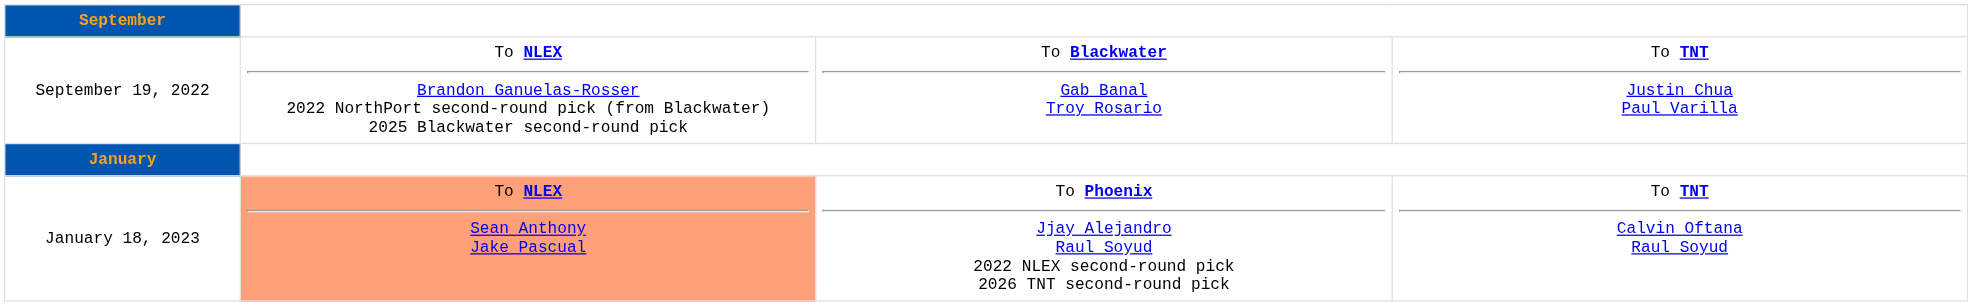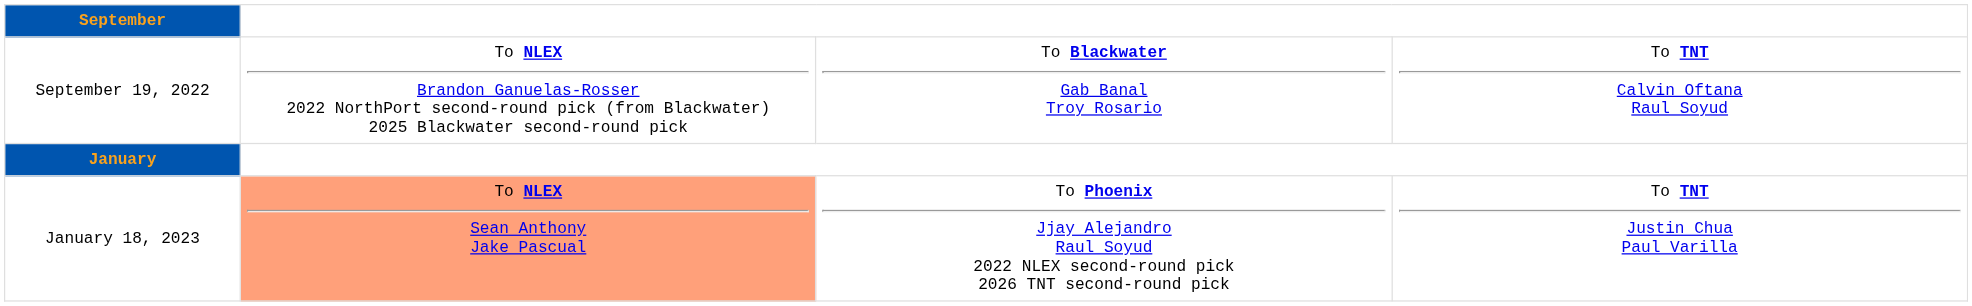 <table border=1 style="border-collapse:collapse; text-align: center; width: 100%" bordercolor="#DFDFDF"  cellpadding="5">
 <tr bgcolor="eeeeee">
 <th style="background:#0055AF; color:#F9A21D; ">September</th>
 </tr>
 <tr>
 <td style="width:12%">September 19, 2022</td>
 <td style="width:29.3%" valign="top">To <strong><a href='#'>NLEX</a></strong><hr><a href='#'>Brandon Ganuelas-Rosser</a><br>2022 NorthPort second-round pick (from Blackwater)<br>2025 Blackwater second-round pick</td>
 <td style="width:29.3%" valign="top">To <strong><a href='#'>Blackwater</a></strong><hr><a href='#'>Gab Banal</a><br><a href='#'>Troy Rosario</a></td>
-<td style="width:29.3%" valign="top">To <strong><a href='#'>TNT</a></strong><hr><a href='#'>Justin Chua</a><br><a href='#'>Paul Varilla</a></td>
+<td style="width:29.3%" valign="top">To <strong><a href='#'>TNT</a></strong><hr><a href='#'>Calvin Oftana</a><br><a href='#'>Raul Soyud</a></td>
 </tr>
 <tr>
 <th style="background:#0055AF; color:#F9A21D; ">January</th>
 </tr>
 <tr>
 <td style="width:12%">January 18, 2023</td>
 <td style="background: lightsalmon; width:29.3%" valign="top">To <strong><a href='#'>NLEX</a></strong><hr><a href='#'>Sean Anthony</a><br><a href='#'>Jake Pascual</a></td>
 <td style="width:29.3%" valign="top">To <strong><a href='#'>Phoenix</a></strong><hr><a href='#'>Jjay Alejandro </a><br><a href='#'>Raul Soyud</a><br>2022 NLEX second-round pick<br>2026 TNT second-round pick</td>
-<td style="width:29.3%" valign="top">To <strong><a href='#'>TNT</a></strong><hr><a href='#'>Calvin Oftana</a><br><a href='#'>Raul Soyud</a></td>
+<td style="width:29.3%" valign="top">To <strong><a href='#'>TNT</a></strong><hr><a href='#'>Justin Chua</a><br><a href='#'>Paul Varilla</a></td>
 </tr>
 </table>
